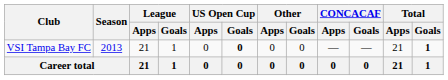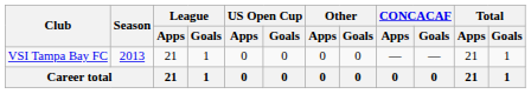 <table class="wikitable" style="font-size:90%; text-align:center;">
 <tr>
 <th rowspan="2">Club</th>
 <th rowspan="2">Season</th>
 <th colspan="2">League</th>
 <th colspan="2">US Open Cup</th>
 <th colspan="2">Other</th>
 <th colspan="2"><a href='#'>CONCACAF</a></th>
 <th colspan="2">Total</th>
 </tr>
 <tr>
 <th>Apps</th>
 <th>Goals</th>
 <th>Apps</th>
 <th>Goals</th>
 <th>Apps</th>
 <th>Goals</th>
 <th>Apps</th>
 <th>Goals</th>
 <th>Apps</th>
 <th>Goals</th>
 </tr>
 <tr>
 <td rowspan="1"><a href='#'>VSI Tampa Bay FC</a></td>
 <td><a href='#'>2013</a></td>
 <td>21</td>
 <td>1</td>
 <td>0</td>
-<td><strong>0</strong></td>
+<td>0</td>
 <td>0</td>
 <td>0</td>
 <td>—</td>
 <td>—</td>
 <td>21</td>
-<td><strong>1</strong></td>
+<td>1</td>
 </tr>
 <tr>
 <th colspan="2">Career total</th>
 <th>21</th>
 <th>1</th>
 <th>0</th>
 <th>0</th>
 <th>0</th>
 <th>0</th>
 <th>0</th>
 <th>0</th>
 <th>21</th>
 <th>1</th>
 </tr>
 </table>
